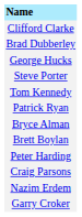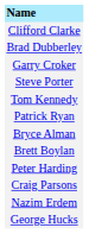 <table border=0 cellpadding=2 cellspacing=0  |- bgcolor=#F2F2F2 style="text-align:center; font-size:90%;">
 <tr bgcolor=#ADEBFD>
 <th align=left>Name</th>
 </tr>
 <tr>
 <td><a href='#'>Clifford Clarke</a></td>
 </tr>
 <tr>
 <td><a href='#'>Brad Dubberley</a></td>
 </tr>
 <tr>
-<td><a href='#'>George Hucks</a></td>
+<td><a href='#'>Garry Croker</a></td>
 </tr>
 <tr>
 <td><a href='#'>Steve Porter</a></td>
 </tr>
 <tr>
 <td><a href='#'>Tom Kennedy</a></td>
 </tr>
 <tr>
 <td><a href='#'>Patrick Ryan</a></td>
 </tr>
 <tr>
 <td><a href='#'>Bryce Alman</a></td>
 </tr>
 <tr>
 <td><a href='#'>Brett Boylan</a></td>
 </tr>
 <tr>
 <td><a href='#'>Peter Harding</a></td>
 </tr>
 <tr>
 <td><a href='#'>Craig Parsons</a></td>
 </tr>
 <tr>
 <td><a href='#'>Nazim Erdem</a></td>
 </tr>
 <tr>
-<td><a href='#'>Garry Croker</a></td>
+<td><a href='#'>George Hucks</a></td>
 </tr>
 </table>
